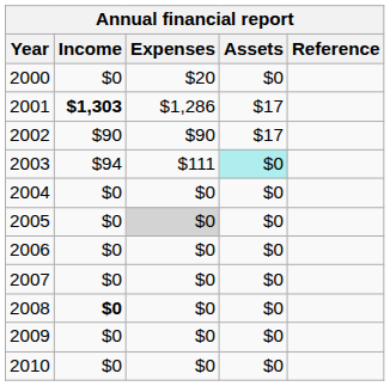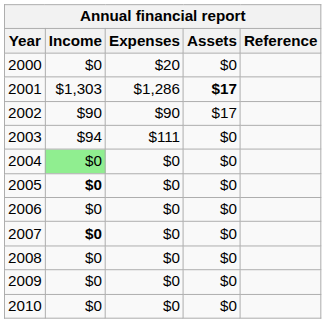 <table class="wikitable" align="left">
 <tr>
 <th colspan="5">Annual financial report</th>
 </tr>
 <tr>
 <th>Year</th>
 <th>Income</th>
 <th>Expenses</th>
 <th>Assets</th>
 <th>Reference</th>
 </tr>
 <tr>
 <td>2000</td>
 <td align=right>$0</td>
 <td align=right>$20</td>
 <td align=right>$0</td>
 <td align=right></td>
 </tr>
 <tr>
 <td>2001</td>
-<td align=right><strong>$1,303</strong></td>
+<td align=right>$1,303</td>
 <td align=right>$1,286</td>
-<td align=right>$17</td>
+<td align=right><strong>$17</strong></td>
 <td align=right></td>
 </tr>
 <tr>
 <td>2002</td>
 <td align=right>$90</td>
 <td align=right>$90</td>
 <td align=right>$17</td>
 <td align=right></td>
 </tr>
 <tr>
 <td>2003</td>
 <td align=right>$94</td>
 <td align=right>$111</td>
-<td align=right style="background: paleturquoise;">$0</td>
+<td align=right>$0</td>
 <td align=right></td>
 </tr>
 <tr>
 <td>2004</td>
-<td align=right>$0</td>
+<td align=right style="background: lightgreen;">$0</td>
 <td align=right>$0</td>
 <td align=right>$0</td>
 <td align=right></td>
 </tr>
 <tr>
 <td>2005</td>
+<td align=right><strong>$0</strong></td>
 <td align=right>$0</td>
-<td align=right style="background: lightgrey;">$0</td>
 <td align=right>$0</td>
 <td align=right></td>
 </tr>
 <tr>
 <td>2006</td>
 <td align=right>$0</td>
 <td align=right>$0</td>
 <td align=right>$0</td>
 <td align=right></td>
 </tr>
 <tr>
 <td>2007</td>
-<td align=right>$0</td>
+<td align=right><strong>$0</strong></td>
 <td align=right>$0</td>
 <td align=right>$0</td>
 <td align=right></td>
 </tr>
 <tr>
 <td>2008</td>
-<td align=right><strong>$0</strong></td>
+<td align=right>$0</td>
 <td align=right>$0</td>
 <td align=right>$0</td>
 <td align=right></td>
 </tr>
 <tr>
 <td>2009</td>
 <td align=right>$0</td>
 <td align=right>$0</td>
 <td align=right>$0</td>
 <td align=right></td>
 </tr>
 <tr>
 <td>2010</td>
 <td align=right>$0</td>
 <td align=right>$0</td>
 <td align=right>$0</td>
 <td align=right></td>
 </tr>
 </table>
